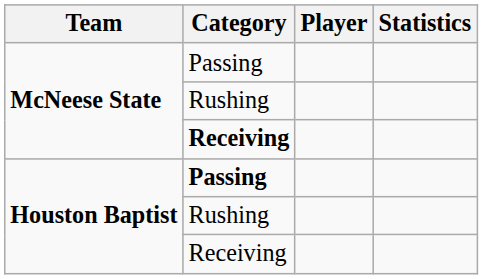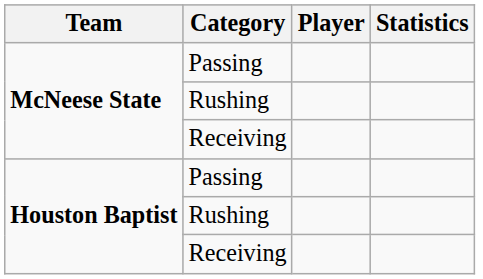 <table class="wikitable" style="float: left;">
 <tr>
 <th>Team</th>
 <th>Category</th>
 <th>Player</th>
 <th>Statistics</th>
 </tr>
 <tr>
 <td rowspan=3><strong>McNeese State</strong></td>
 <td>Passing</td>
 <td> </td>
 <td> </td>
 </tr>
 <tr>
 <td>Rushing</td>
 <td> </td>
 <td> </td>
 </tr>
 <tr>
-<td><strong>Receiving</strong></td>
+<td>Receiving</td>
 <td> </td>
 <td> </td>
 </tr>
 <tr>
 <td rowspan=3><strong>Houston Baptist</strong></td>
-<td><strong>Passing</strong></td>
+<td>Passing</td>
 <td> </td>
 <td> </td>
 </tr>
 <tr>
 <td>Rushing</td>
 <td> </td>
 <td> </td>
 </tr>
 <tr>
 <td>Receiving</td>
 <td> </td>
 <td> </td>
 </tr>
 </table>
